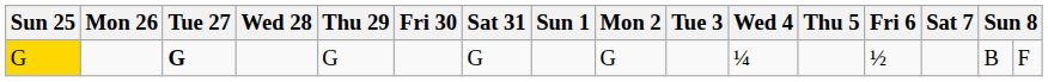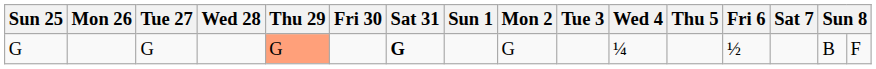 <table class="wikitable olympic-schedule handball">
 <tr>
 <th>Sun 25</th>
 <th>Mon 26</th>
 <th>Tue 27</th>
 <th>Wed 28</th>
 <th>Thu 29</th>
 <th>Fri 30</th>
 <th>Sat 31</th>
 <th>Sun 1</th>
 <th>Mon 2</th>
 <th>Tue 3</th>
 <th>Wed 4</th>
 <th>Thu 5</th>
 <th>Fri 6</th>
 <th colspan="2">Sat 7</th>
 <th colspan="2">Sun 8</th>
 </tr>
 <tr>
-<td class="team-group" style="background: gold;">G</td>
-<td></td>
-<td class="team-group"><strong>G</strong></td>
+<td class="team-group">G</td>
 <td></td>
 <td class="team-group">G</td>
 <td></td>
-<td class="team-group">G</td>
+<td class="team-group" style="background: lightsalmon;">G</td>
+<td></td>
+<td class="team-group"><strong>G</strong></td>
 <td></td>
 <td class="team-group">G</td>
 <td></td>
 <td class="team-qf">¼</td>
 <td></td>
 <td class="team-sf">½</td>
 <td colspan=2></td>
 <td class="team-bronze">B</td>
 <td class="team-final">F</td>
 </tr>
 </table>
